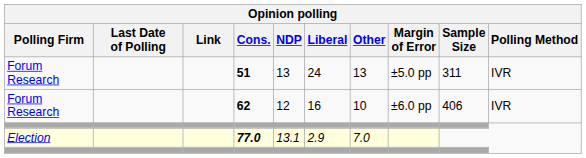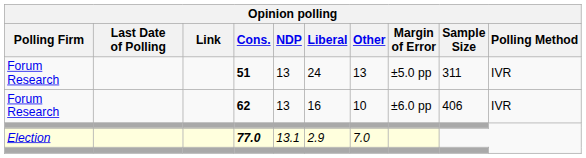 <table class="wikitable collapsible sortable collapsed">
 <tr style="background:#e9e9e9;">
 <th style="width:640px,;" colspan="10">Opinion polling</th>
 </tr>
 <tr style="background:#e9e9e9;">
 <th style="width:110px">Polling Firm</th>
 <th style="width:110px">Last Date<br>of Polling</th>
 <th style="width:60px" class="unsortable">Link</th>
 <th style="background-color:"><a href='#'>Cons.</a></th>
 <th style="background-color:"><a href='#'>NDP</a></th>
 <th style="background-color:"><a href='#'>Liberal</a></th>
 <th style="background-color:"><a href='#'>Other</a></th>
 <th style="width:60px;" class=unsortable>Margin<br>of Error</th>
 <th style="width:50px;" class=unsortable>Sample<br>Size</th>
 <th class=unsortable>Polling Method</th>
 </tr>
 <tr>
 <td><a href='#'>Forum Research</a></td>
 <td></td>
 <td></td>
 <td><strong>51</strong></td>
 <td>13</td>
 <td>24</td>
 <td>13</td>
 <td>±5.0 pp</td>
 <td>311</td>
 <td>IVR</td>
 </tr>
 <tr>
 <td><a href='#'>Forum Research</a></td>
 <td></td>
 <td></td>
 <td><strong>62</strong></td>
-<td>12</td>
+<td>13</td>
 <td>16</td>
 <td>10</td>
 <td>±6.0 pp</td>
 <td>406</td>
 <td>IVR</td>
 </tr>
 <tr style="background:Darkgrey;">
 <td></td>
 <td></td>
 <td></td>
 <td></td>
 <td></td>
 <td></td>
 <td></td>
 <td></td>
 <td></td>
 </tr>
 <tr>
 <td style="background:#ffd;"><em><a href='#'>Election</a></em></td>
 <td style="background:#ffd;"></td>
 <td style="background:#ffd;"></td>
 <td style="background:#ffd;"><strong><em>77.0</em></strong></td>
 <td style="background:#ffd;"><em>13.1</em></td>
 <td style="background:#ffd;"><em>2.9</em></td>
 <td style="background:#ffd;"><em>7.0</em></td>
 <td style="background:#ffd;"></td>
 </tr>
 <tr style="background:Darkgrey;">
 <td></td>
 <td></td>
 <td></td>
 <td></td>
 <td></td>
 <td></td>
 <td></td>
 <td></td>
 <td></td>
 </tr>
 </table>
